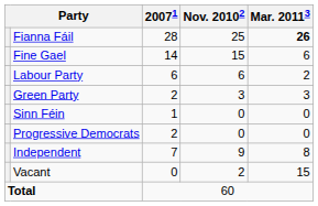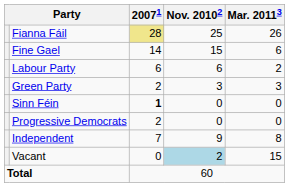 <table class="wikitable">
 <tr>
 <th colspan="2">Party</th>
 <th>2007<span></span><sup><a href='#'>1</a></sup></th>
 <th>Nov. 2010<span></span><sup><a href='#'>2</a></sup></th>
 <th>Mar. 2011<span></span><sup><a href='#'>3</a></sup></th>
 </tr>
 <tr>
 <th style="background-color: "></th>
 <td><a href='#'>Fianna Fáil</a></td>
-<td align="right">28</td>
+<td align="right" style="background: khaki;">28</td>
 <td align="right">25</td>
-<td align="right"><strong>26</strong></td>
+<td align="right">26</td>
 </tr>
 <tr>
 <th style="background-color: "></th>
 <td><a href='#'>Fine Gael</a></td>
 <td align="right">14</td>
 <td align="right">15</td>
 <td align="right">6</td>
 </tr>
 <tr>
 <th style="background-color: "></th>
 <td><a href='#'>Labour Party</a></td>
 <td align="right">6</td>
 <td align="right">6</td>
 <td align="right">2</td>
 </tr>
 <tr>
 <th style="background-color: "></th>
 <td><a href='#'>Green Party</a></td>
 <td align="right">2</td>
 <td align="right">3</td>
 <td align="right">3</td>
 </tr>
 <tr>
 <th style="background-color: "></th>
 <td><a href='#'>Sinn Féin</a></td>
-<td align="right">1</td>
+<td align="right"><strong>1</strong></td>
 <td align="right">0</td>
 <td align="right">0</td>
 </tr>
 <tr>
 <th style="background-color: "></th>
 <td><a href='#'>Progressive Democrats</a></td>
 <td align="right">2</td>
 <td align="right">0</td>
 <td align="right">0</td>
 </tr>
 <tr>
 <th style="background-color: "></th>
 <td><a href='#'>Independent</a></td>
 <td align="right">7</td>
 <td align="right">9</td>
 <td align="right">8</td>
 </tr>
 <tr>
 <th style="background-color: "></th>
 <td>Vacant</td>
 <td align="right">0</td>
-<td align="right">2</td>
+<td align="right" style="background: lightblue;">2</td>
 <td align="right">15</td>
 </tr>
 <tr>
 <td colspan="2"><strong>Total</strong></td>
 <td colspan="4" align="center">60</td>
 </tr>
 </table>
